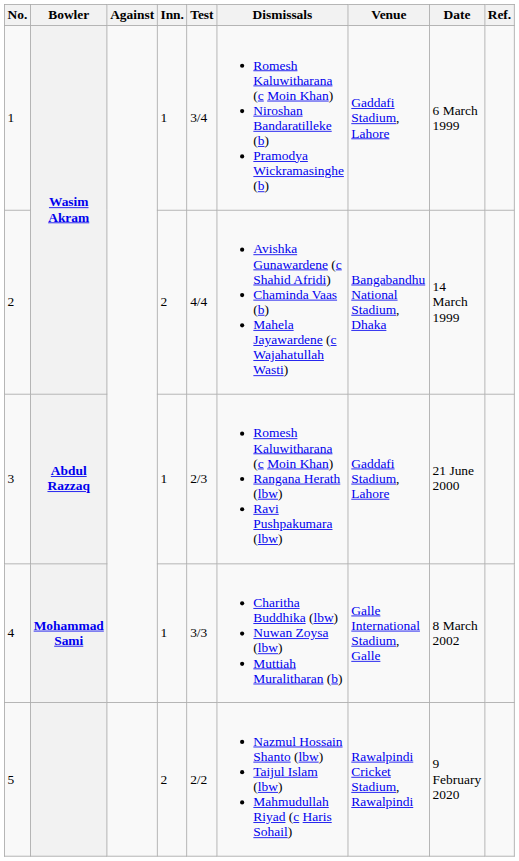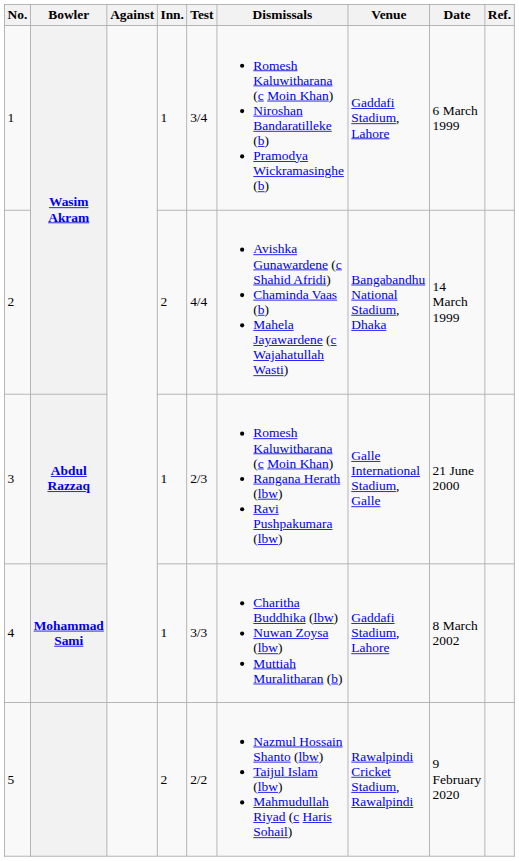 <table class="wikitable sortable plainrowheaders" style="font-size: 100%">
 <tr>
 <th scope="col">No.</th>
 <th scope="col">Bowler</th>
 <th scope="col">Against</th>
 <th scope="col">Inn.</th>
 <th scope="col">Test</th>
 <th scope="col">Dismissals</th>
 <th scope="col">Venue</th>
 <th scope="col">Date</th>
 <th scope="col" class="unsortable">Ref.</th>
 </tr>
 <tr>
 <td>1</td>
 <th scope="row" style="text-align:center;" rowspan=2><a href='#'>Wasim Akram</a></th>
 <td rowspan=4></td>
 <td>1</td>
 <td>3/4</td>
 <td><br><ul><li><a href='#'>Romesh Kaluwitharana</a> (<a href='#'>c</a> <a href='#'>Moin Khan</a>)</li><li><a href='#'>Niroshan Bandaratilleke</a> (<a href='#'>b</a>)</li><li><a href='#'>Pramodya Wickramasinghe</a> (<a href='#'>b</a>)</li></ul></td>
 <td> <a href='#'>Gaddafi Stadium</a>, <a href='#'>Lahore</a></td>
 <td>6 March 1999</td>
 <td></td>
 </tr>
 <tr>
 <td>2</td>
 <td>2</td>
 <td>4/4</td>
 <td><br><ul><li><a href='#'>Avishka Gunawardene</a> (<a href='#'>c</a> <a href='#'>Shahid Afridi</a>)</li><li><a href='#'>Chaminda Vaas</a> (<a href='#'>b</a>)</li><li><a href='#'>Mahela Jayawardene</a> (<a href='#'>c</a> <a href='#'>Wajahatullah Wasti</a>)</li></ul></td>
 <td> <a href='#'>Bangabandhu National Stadium</a>, <a href='#'>Dhaka</a></td>
 <td>14 March 1999</td>
 <td></td>
 </tr>
 <tr>
 <td>3</td>
 <th scope="row" style="text-align:center;"><a href='#'>Abdul Razzaq</a></th>
 <td>1</td>
 <td>2/3</td>
 <td><br><ul><li><a href='#'>Romesh Kaluwitharana</a> (<a href='#'>c</a> <a href='#'>Moin Khan</a>)</li><li><a href='#'>Rangana Herath</a> (<a href='#'>lbw</a>)</li><li><a href='#'>Ravi Pushpakumara</a> (<a href='#'>lbw</a>)</li></ul></td>
-<td> <a href='#'>Gaddafi Stadium</a>, <a href='#'>Lahore</a></td>
+<td> <a href='#'>Galle International Stadium</a>, <a href='#'>Galle</a></td>
 <td>21 June 2000</td>
 <td></td>
 </tr>
 <tr>
 <td>4</td>
 <th scope="row" style="text-align:center;"><a href='#'>Mohammad Sami</a></th>
 <td>1</td>
 <td>3/3</td>
 <td><br><ul><li><a href='#'>Charitha Buddhika</a> (<a href='#'>lbw</a>)</li><li><a href='#'>Nuwan Zoysa</a> (<a href='#'>lbw</a>)</li><li><a href='#'>Muttiah Muralitharan</a> (<a href='#'>b</a>)</li></ul></td>
-<td> <a href='#'>Galle International Stadium</a>, <a href='#'>Galle</a></td>
+<td> <a href='#'>Gaddafi Stadium</a>, <a href='#'>Lahore</a></td>
 <td>8 March 2002</td>
 <td></td>
 </tr>
 <tr>
 <td>5</td>
 <th scope="row" style="text-align:center;"></th>
 <td></td>
 <td>2</td>
 <td>2/2</td>
 <td><br><ul><li><a href='#'>Nazmul Hossain Shanto</a> (<a href='#'>lbw</a>)</li><li><a href='#'>Taijul Islam</a> (<a href='#'>lbw</a>)</li><li><a href='#'>Mahmudullah Riyad</a> (<a href='#'>c</a> <a href='#'>Haris Sohail</a>)</li></ul></td>
 <td> <a href='#'>Rawalpindi Cricket Stadium</a>, <a href='#'>Rawalpindi</a></td>
 <td>9 February 2020</td>
 <td></td>
 </tr>
 </table>
